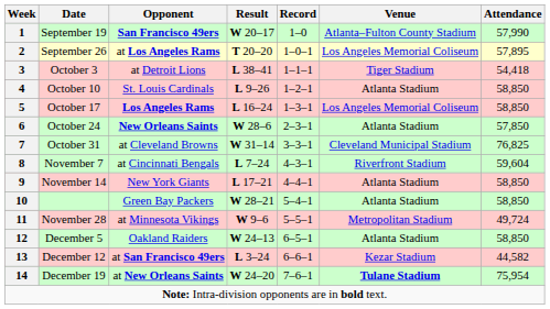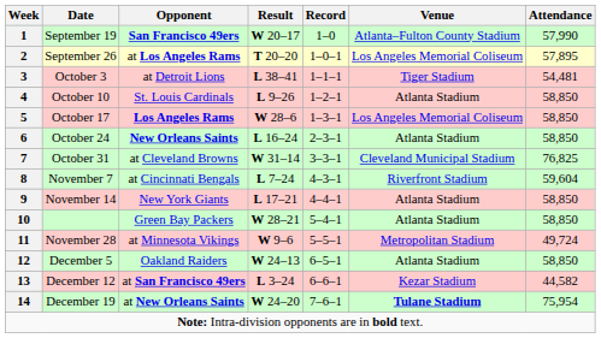 <table class="wikitable" style="text-align:center">
 <tr>
 <th>Week</th>
 <th>Date</th>
 <th>Opponent</th>
 <th>Result</th>
 <th>Record</th>
 <th>Venue</th>
 <th>Attendance</th>
 </tr>
 <tr style="background:#cfc">
 <th>1</th>
 <td>September 19</td>
 <td><strong><a href='#'>San Francisco 49ers</a></strong></td>
 <td><strong>W</strong> 20–17</td>
 <td>1–0</td>
 <td><a href='#'>Atlanta–Fulton County Stadium</a></td>
 <td>57,990</td>
 </tr>
 <tr style="background:#ffc">
 <th>2</th>
 <td>September 26</td>
 <td>at <strong><a href='#'>Los Angeles Rams</a></strong></td>
 <td><strong>T</strong> 20–20</td>
 <td>1–0–1</td>
 <td><a href='#'>Los Angeles Memorial Coliseum</a></td>
 <td>57,895</td>
 </tr>
 <tr style="background:#fcc">
 <th>3</th>
 <td>October 3</td>
 <td>at <a href='#'>Detroit Lions</a></td>
 <td><strong>L</strong> 38–41</td>
 <td>1–1–1</td>
 <td><a href='#'>Tiger Stadium</a></td>
-<td>54,418</td>
+<td>54,481</td>
 </tr>
 <tr style="background:#fcc">
 <th>4</th>
 <td>October 10</td>
 <td><a href='#'>St. Louis Cardinals</a></td>
 <td><strong>L</strong> 9–26</td>
 <td>1–2–1</td>
 <td>Atlanta Stadium</td>
 <td>58,850</td>
 </tr>
 <tr style="background:#fcc">
 <th>5</th>
 <td>October 17</td>
 <td><strong><a href='#'>Los Angeles Rams</a></strong></td>
-<td><strong>L</strong> 16–24</td>
+<td><strong>W</strong> 28–6</td>
 <td>1–3–1</td>
 <td><a href='#'>Los Angeles Memorial Coliseum</a></td>
 <td>58,850</td>
 </tr>
 <tr style="background:#cfc">
 <th>6</th>
 <td>October 24</td>
 <td><strong><a href='#'>New Orleans Saints</a></strong></td>
-<td><strong>W</strong> 28–6</td>
+<td><strong>L</strong> 16–24</td>
 <td>2–3–1</td>
 <td>Atlanta Stadium</td>
-<td>57,850</td>
+<td>58,850</td>
 </tr>
 <tr style="background:#cfc">
 <th>7</th>
 <td>October 31</td>
 <td>at <a href='#'>Cleveland Browns</a></td>
 <td><strong>W</strong> 31–14</td>
 <td>3–3–1</td>
 <td><a href='#'>Cleveland Municipal Stadium</a></td>
 <td>76,825</td>
 </tr>
 <tr style="background:#cfc">
 <th>8</th>
 <td>November 7</td>
 <td>at <a href='#'>Cincinnati Bengals</a></td>
 <td><strong>L</strong> 7–24</td>
 <td>4–3–1</td>
 <td><a href='#'>Riverfront Stadium</a></td>
 <td>59,604</td>
 </tr>
 <tr style="background:#fcc">
 <th>9</th>
 <td>November 14</td>
 <td><a href='#'>New York Giants</a></td>
 <td><strong>L</strong> 17–21</td>
 <td>4–4–1</td>
 <td>Atlanta Stadium</td>
 <td>58,850</td>
 </tr>
 <tr style="background:#cfc">
 <th>10</th>
 <td></td>
 <td><a href='#'>Green Bay Packers</a></td>
 <td><strong>W</strong> 28–21</td>
 <td>5–4–1</td>
 <td>Atlanta Stadium</td>
 <td>58,850</td>
 </tr>
 <tr style="background:#fcc">
 <th>11</th>
 <td>November 28</td>
 <td>at <a href='#'>Minnesota Vikings</a></td>
 <td><strong>W</strong> 9–6</td>
 <td>5–5–1</td>
 <td><a href='#'>Metropolitan Stadium</a></td>
 <td>49,724</td>
 </tr>
 <tr style="background:#cfc">
 <th>12</th>
 <td>December 5</td>
 <td><a href='#'>Oakland Raiders</a></td>
 <td><strong>W</strong> 24–13</td>
 <td>6–5–1</td>
 <td>Atlanta Stadium</td>
 <td>58,850</td>
 </tr>
 <tr style="background:#fcc">
 <th>13</th>
 <td>December 12</td>
 <td>at <strong><a href='#'>San Francisco 49ers</a></strong></td>
 <td><strong>L</strong> 3–24</td>
 <td>6–6–1</td>
 <td><a href='#'>Kezar Stadium</a></td>
 <td>44,582</td>
 </tr>
 <tr style="background:#cfc">
 <th>14</th>
 <td>December 19</td>
 <td>at <strong><a href='#'>New Orleans Saints</a></strong></td>
 <td><strong>W</strong> 24–20</td>
 <td>7–6–1</td>
 <td><strong><a href='#'>Tulane Stadium</a></strong></td>
 <td>75,954</td>
 </tr>
 <tr>
 <td colspan="7"><strong>Note:</strong> Intra-division opponents are in <strong>bold</strong> text.</td>
 </tr>
 </table>
